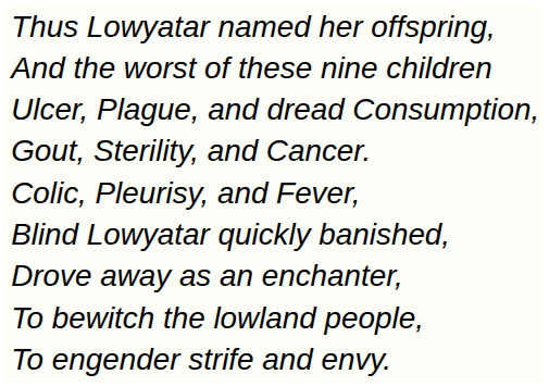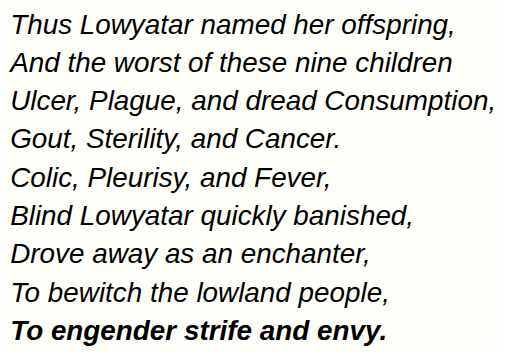 <table style="margin-left:5%;margin-right:5%;font-style:italic;background:rgb(100%,100%,98%);">
 <tr>
 <td>Thus Lowyatar named her offspring,</td>
 </tr>
 <tr>
 <td>And the worst of these nine children</td>
 </tr>
 <tr>
 <td>Ulcer, Plague, and dread Consumption,</td>
 </tr>
 <tr>
 <td>Gout, Sterility, and Cancer.</td>
 </tr>
 <tr>
 <td>Colic, Pleurisy, and Fever,</td>
 </tr>
 <tr>
 <td>Blind Lowyatar quickly banished,</td>
 </tr>
 <tr>
 <td>Drove away as an enchanter,</td>
 </tr>
 <tr>
 <td>To bewitch the lowland people,</td>
 </tr>
 <tr>
-<td>To engender strife and envy.</td>
+<td><strong>To engender strife and envy.</strong></td>
 </tr>
 </table>
